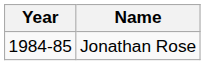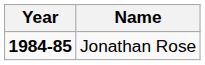 <table class="wikitable">
 <tr>
 <th>Year</th>
 <th>Name</th>
 </tr>
 <tr>
-<td>1984-85</td>
+<td><strong>1984-85</strong></td>
 <td>Jonathan Rose</td>
 </tr>
 </table>
